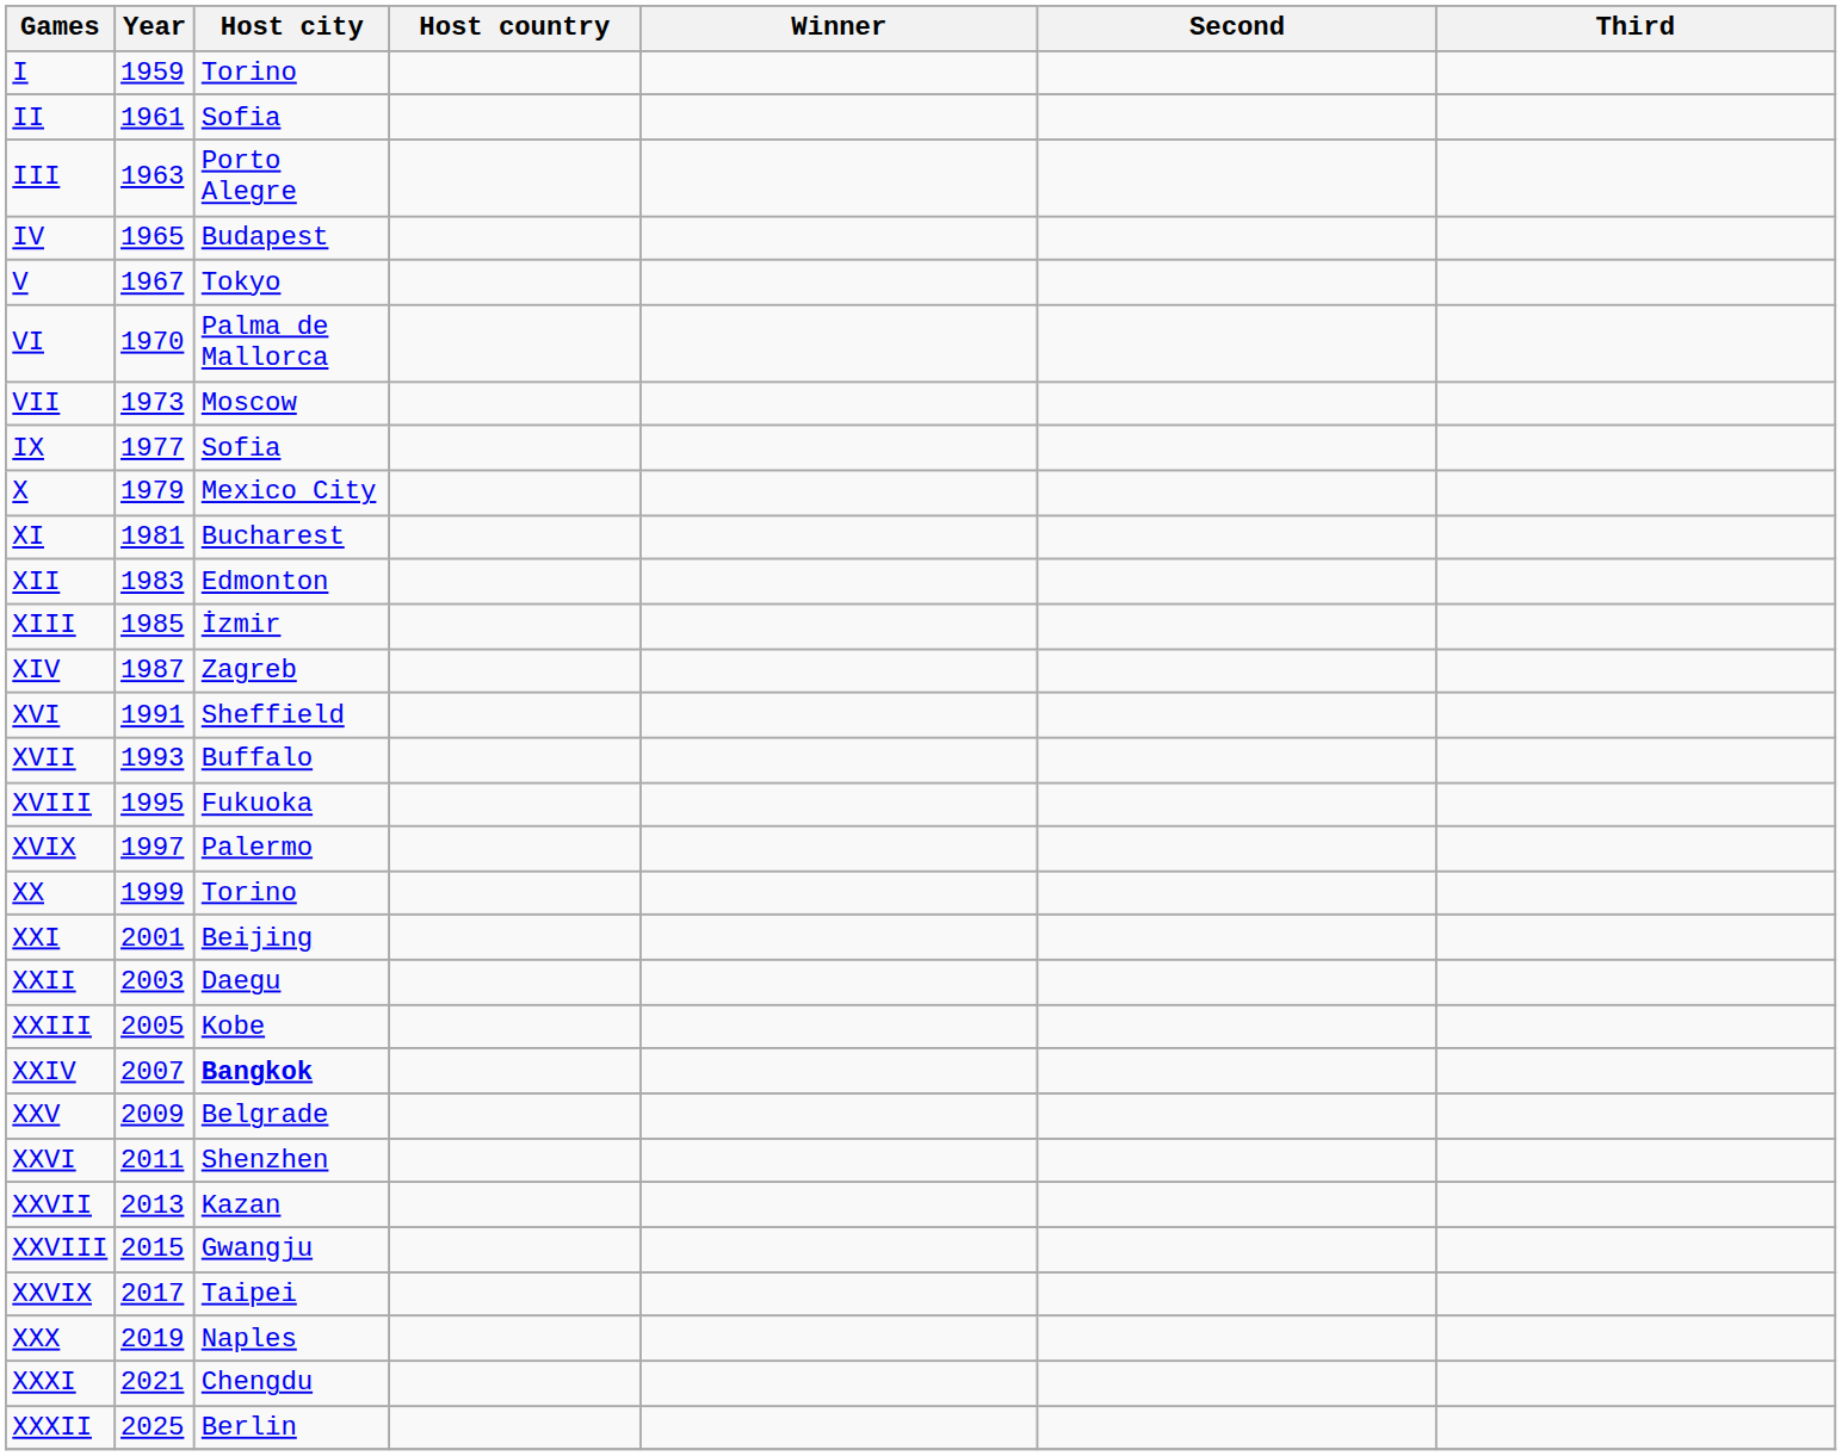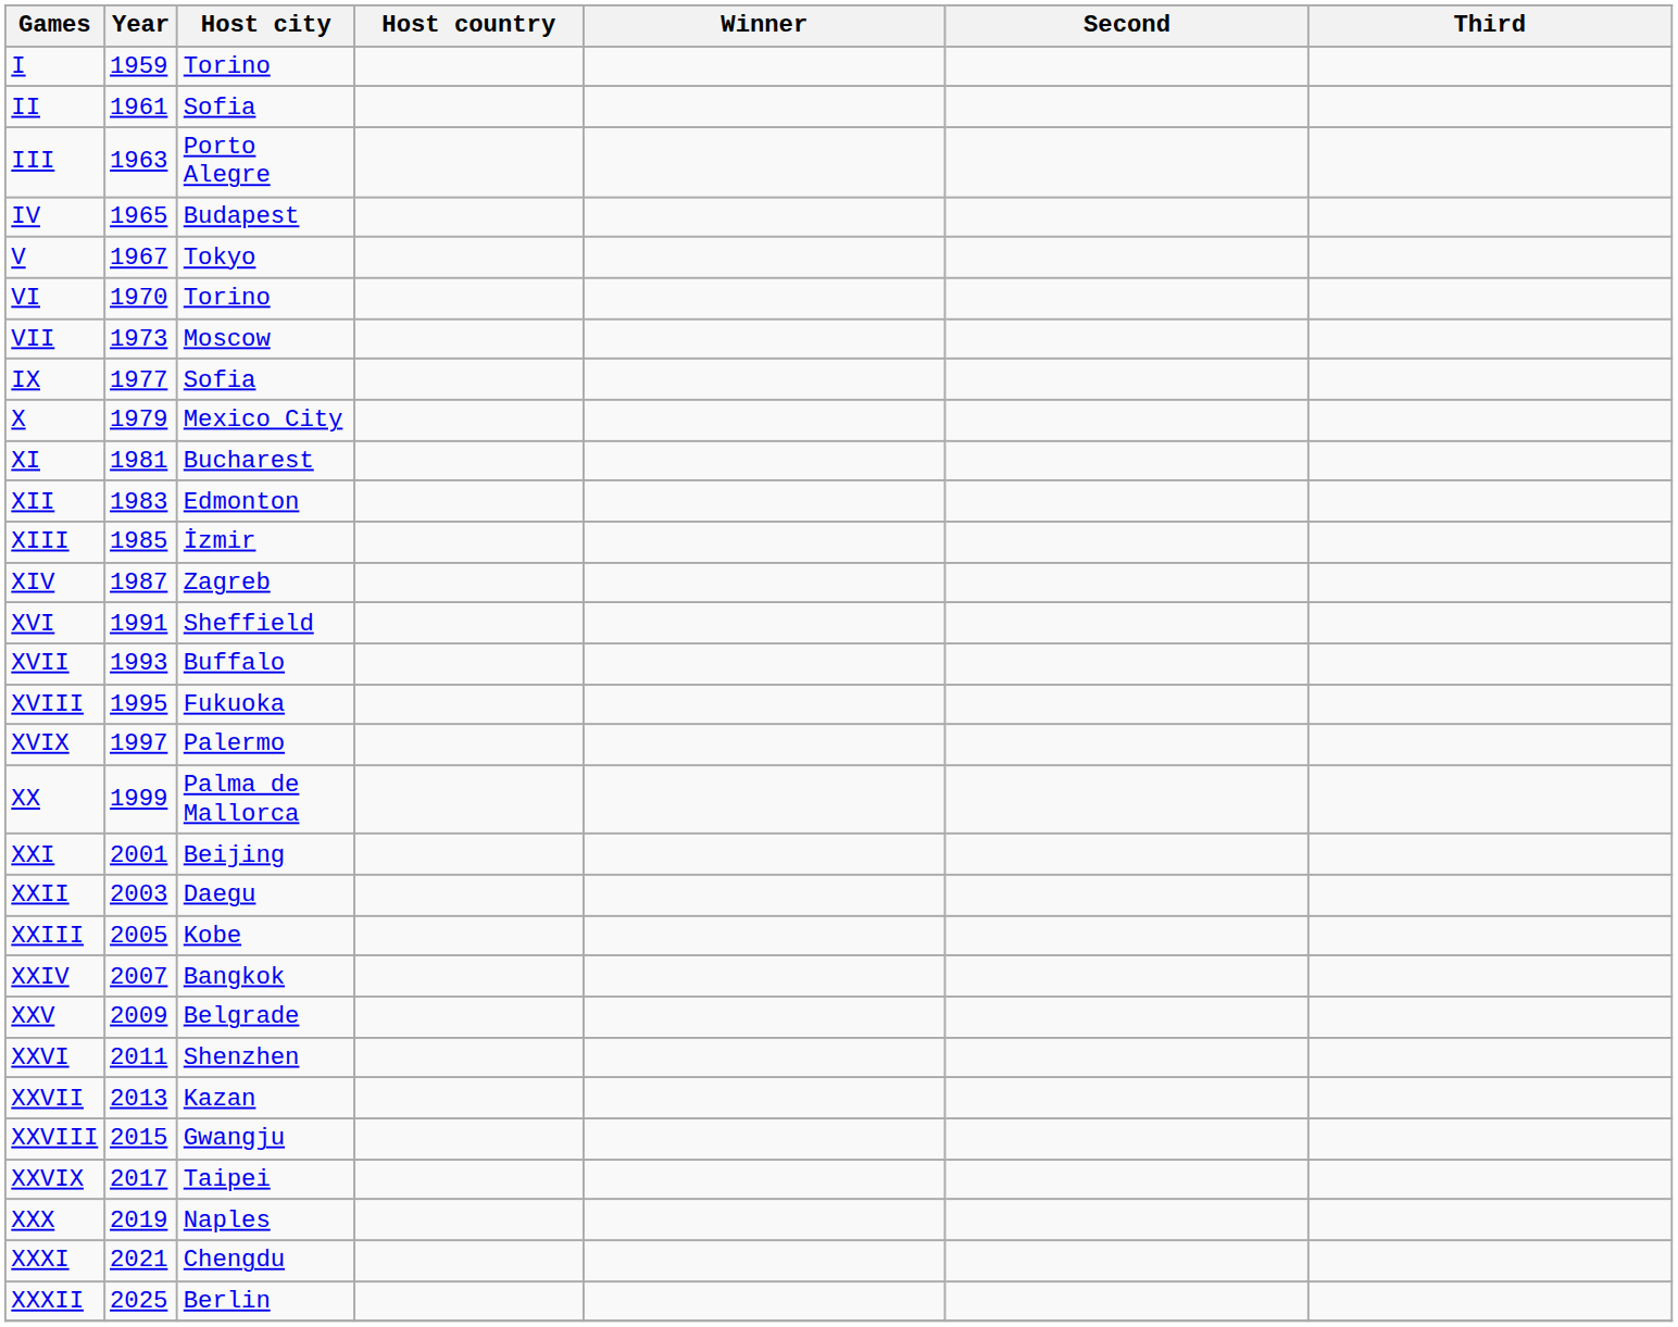 <table class=wikitable style=font-size:90%;>
 <tr>
 <th width=40>Games</th>
 <th width=30>Year</th>
 <th width=80>Host city</th>
 <th width=105>Host country</th>
 <th width=170>Winner</th>
 <th width=170>Second</th>
 <th width=170>Third</th>
 </tr>
 <tr>
 <td><a href='#'>I</a></td>
 <td><a href='#'>1959</a></td>
 <td><a href='#'>Torino</a></td>
 <td></td>
 <td></td>
 <td></td>
 <td></td>
 </tr>
 <tr>
 <td><a href='#'>II</a></td>
 <td><a href='#'>1961</a></td>
 <td><a href='#'>Sofia</a></td>
 <td></td>
 <td></td>
 <td></td>
 <td></td>
 </tr>
 <tr>
 <td><a href='#'>III</a></td>
 <td><a href='#'>1963</a></td>
 <td><a href='#'>Porto Alegre</a></td>
 <td></td>
 <td></td>
 <td></td>
 <td></td>
 </tr>
 <tr>
 <td><a href='#'>IV</a></td>
 <td><a href='#'>1965</a></td>
 <td><a href='#'>Budapest</a></td>
 <td></td>
 <td></td>
 <td></td>
 <td></td>
 </tr>
 <tr>
 <td><a href='#'>V</a></td>
 <td><a href='#'>1967</a></td>
 <td><a href='#'>Tokyo</a></td>
 <td></td>
 <td></td>
 <td></td>
 <td></td>
 </tr>
 <tr>
 <td><a href='#'>VI</a></td>
 <td><a href='#'>1970</a></td>
-<td><a href='#'>Palma de Mallorca</a></td>
+<td><a href='#'>Torino</a></td>
 <td></td>
 <td></td>
 <td></td>
 <td></td>
 </tr>
 <tr>
 <td><a href='#'>VII</a></td>
 <td><a href='#'>1973</a></td>
 <td><a href='#'>Moscow</a></td>
 <td></td>
 <td></td>
 <td></td>
 <td></td>
 </tr>
 <tr>
 <td><a href='#'>IX</a></td>
 <td><a href='#'>1977</a></td>
 <td><a href='#'>Sofia</a></td>
 <td></td>
 <td></td>
 <td></td>
 <td></td>
 </tr>
 <tr>
 <td><a href='#'>X</a></td>
 <td><a href='#'>1979</a></td>
 <td><a href='#'>Mexico City</a></td>
 <td></td>
 <td></td>
 <td></td>
 <td></td>
 </tr>
 <tr>
 <td><a href='#'>XI</a></td>
 <td><a href='#'>1981</a></td>
 <td><a href='#'>Bucharest</a></td>
 <td></td>
 <td></td>
 <td></td>
 <td></td>
 </tr>
 <tr>
 <td><a href='#'>XII</a></td>
 <td><a href='#'>1983</a></td>
 <td><a href='#'>Edmonton</a></td>
 <td></td>
 <td></td>
 <td></td>
 <td></td>
 </tr>
 <tr>
 <td><a href='#'>XIII</a></td>
 <td><a href='#'>1985</a></td>
 <td><a href='#'>İzmir</a></td>
 <td></td>
 <td></td>
 <td></td>
 <td></td>
 </tr>
 <tr>
 <td><a href='#'>XIV</a></td>
 <td><a href='#'>1987</a></td>
 <td><a href='#'>Zagreb</a></td>
 <td></td>
 <td></td>
 <td></td>
 <td></td>
 </tr>
 <tr>
 <td><a href='#'>XVI</a></td>
 <td><a href='#'>1991</a></td>
 <td><a href='#'>Sheffield</a></td>
 <td></td>
 <td></td>
 <td></td>
 <td></td>
 </tr>
 <tr>
 <td><a href='#'>XVII</a></td>
 <td><a href='#'>1993</a></td>
 <td><a href='#'>Buffalo</a></td>
 <td></td>
 <td></td>
 <td></td>
 <td></td>
 </tr>
 <tr>
 <td><a href='#'>XVIII</a></td>
 <td><a href='#'>1995</a></td>
 <td><a href='#'>Fukuoka</a></td>
 <td></td>
 <td></td>
 <td></td>
 <td></td>
 </tr>
 <tr>
 <td><a href='#'>XVIX</a></td>
 <td><a href='#'>1997</a></td>
 <td><a href='#'>Palermo</a></td>
 <td></td>
 <td></td>
 <td></td>
 <td></td>
 </tr>
 <tr>
 <td><a href='#'>XX</a></td>
 <td><a href='#'>1999</a></td>
-<td><a href='#'>Torino</a></td>
+<td><a href='#'>Palma de Mallorca</a></td>
 <td></td>
 <td></td>
 <td></td>
 <td></td>
 </tr>
 <tr>
 <td><a href='#'>XXI</a></td>
 <td><a href='#'>2001</a></td>
 <td><a href='#'>Beijing</a></td>
 <td></td>
 <td></td>
 <td></td>
 <td></td>
 </tr>
 <tr>
 <td><a href='#'>XXII</a></td>
 <td><a href='#'>2003</a></td>
 <td><a href='#'>Daegu</a></td>
 <td></td>
 <td></td>
 <td></td>
 <td></td>
 </tr>
 <tr>
 <td><a href='#'>XXIII</a></td>
 <td><a href='#'>2005</a></td>
 <td><a href='#'>Kobe</a></td>
 <td></td>
 <td></td>
 <td></td>
 <td></td>
 </tr>
 <tr>
 <td><a href='#'>XXIV</a></td>
 <td><a href='#'>2007</a></td>
-<td><strong><a href='#'>Bangkok</a></strong></td>
+<td><a href='#'>Bangkok</a></td>
 <td></td>
 <td></td>
 <td></td>
 <td></td>
 </tr>
 <tr>
 <td><a href='#'>XXV</a></td>
 <td><a href='#'>2009</a></td>
 <td><a href='#'>Belgrade</a></td>
 <td></td>
 <td></td>
 <td></td>
 <td></td>
 </tr>
 <tr>
 <td><a href='#'>XXVI</a></td>
 <td><a href='#'>2011</a></td>
 <td><a href='#'>Shenzhen</a></td>
 <td></td>
 <td></td>
 <td></td>
 <td></td>
 </tr>
 <tr>
 <td><a href='#'>XXVII</a></td>
 <td><a href='#'>2013</a></td>
 <td><a href='#'>Kazan</a></td>
 <td></td>
 <td></td>
 <td></td>
 <td></td>
 </tr>
 <tr>
 <td><a href='#'>XXVIII</a></td>
 <td><a href='#'>2015</a></td>
 <td><a href='#'>Gwangju</a></td>
 <td></td>
 <td></td>
 <td></td>
 <td></td>
 </tr>
 <tr>
 <td><a href='#'>XXVIX</a></td>
 <td><a href='#'>2017</a></td>
 <td><a href='#'>Taipei</a></td>
 <td></td>
 <td></td>
 <td></td>
 <td></td>
 </tr>
 <tr>
 <td><a href='#'>XXX</a></td>
 <td><a href='#'>2019</a></td>
 <td><a href='#'>Naples</a></td>
 <td></td>
 <td></td>
 <td></td>
 <td></td>
 </tr>
 <tr>
 <td><a href='#'>XXXI</a></td>
 <td><a href='#'>2021</a></td>
 <td><a href='#'>Chengdu</a></td>
 <td></td>
 <td></td>
 <td></td>
 <td></td>
 </tr>
 <tr>
 <td><a href='#'>XXXII</a></td>
 <td><a href='#'>2025</a></td>
 <td><a href='#'>Berlin</a></td>
 <td></td>
 <td></td>
 <td></td>
 <td></td>
 </tr>
 <tr>
 </tr>
 </table>
